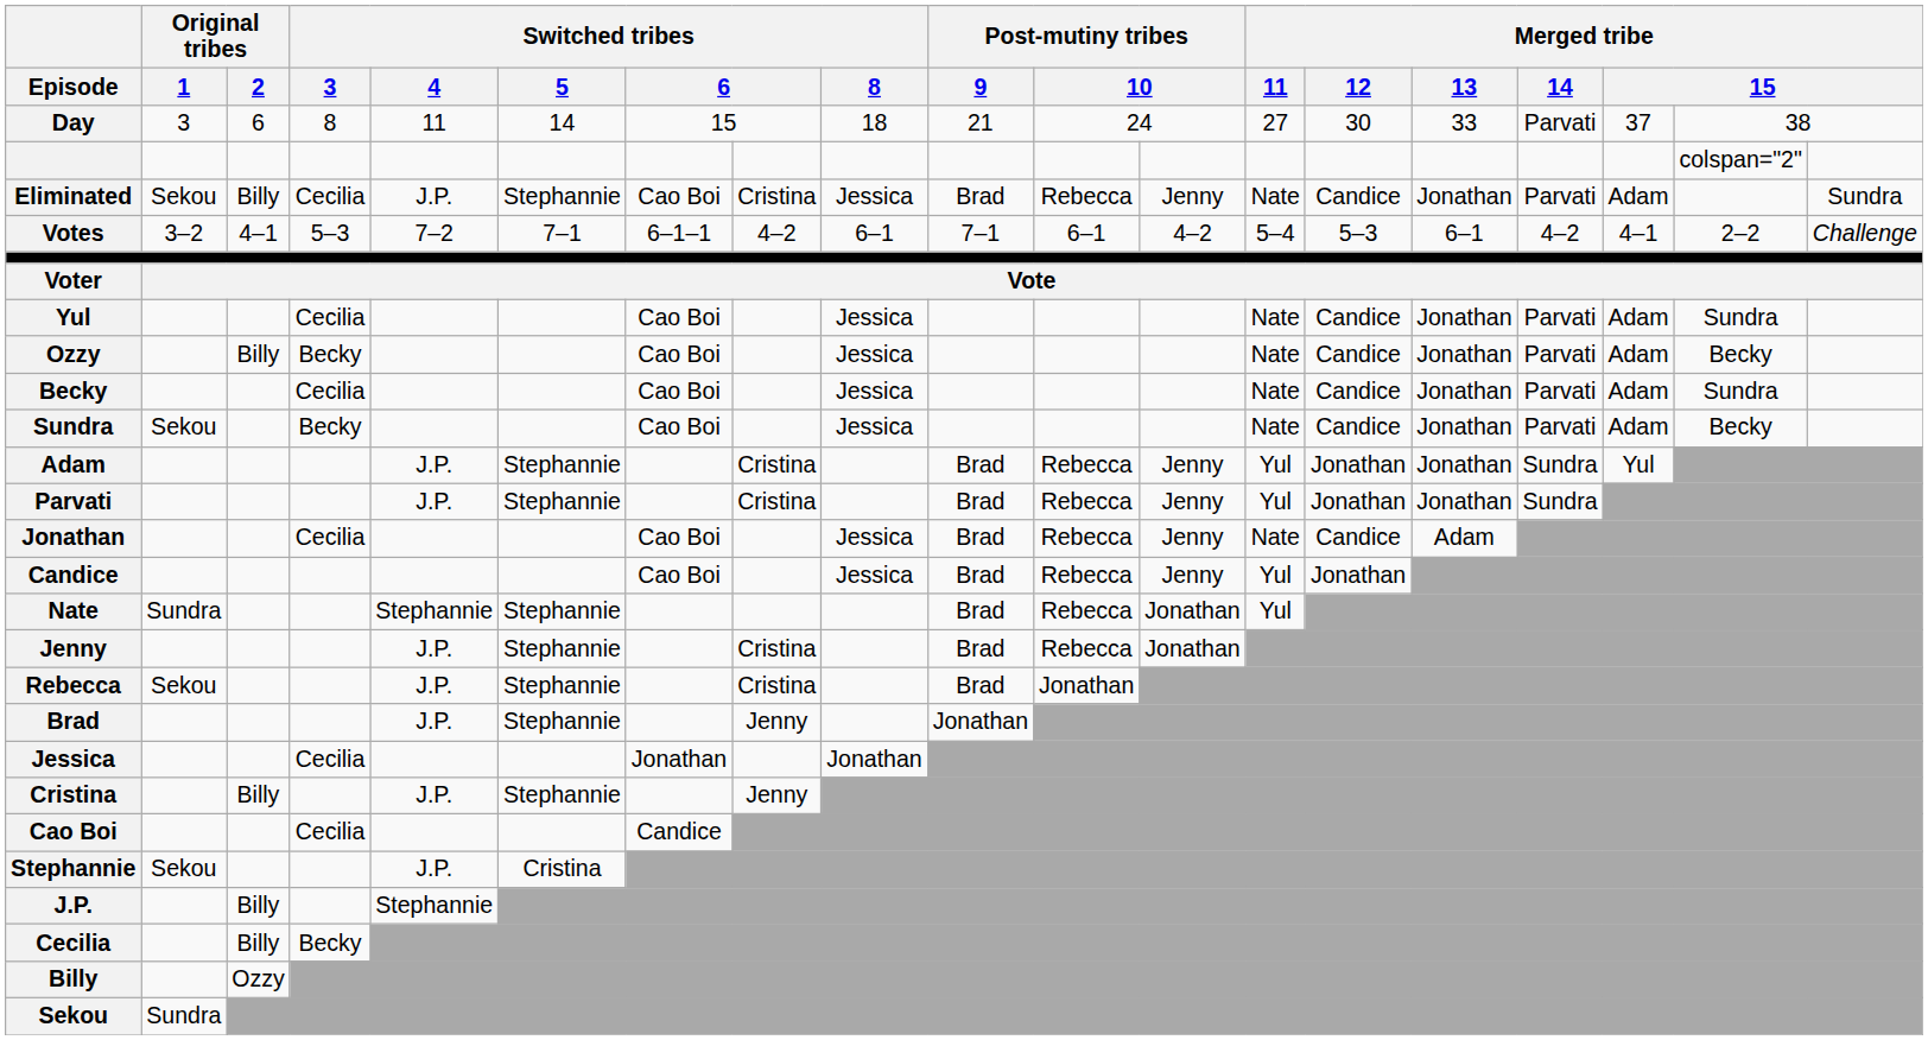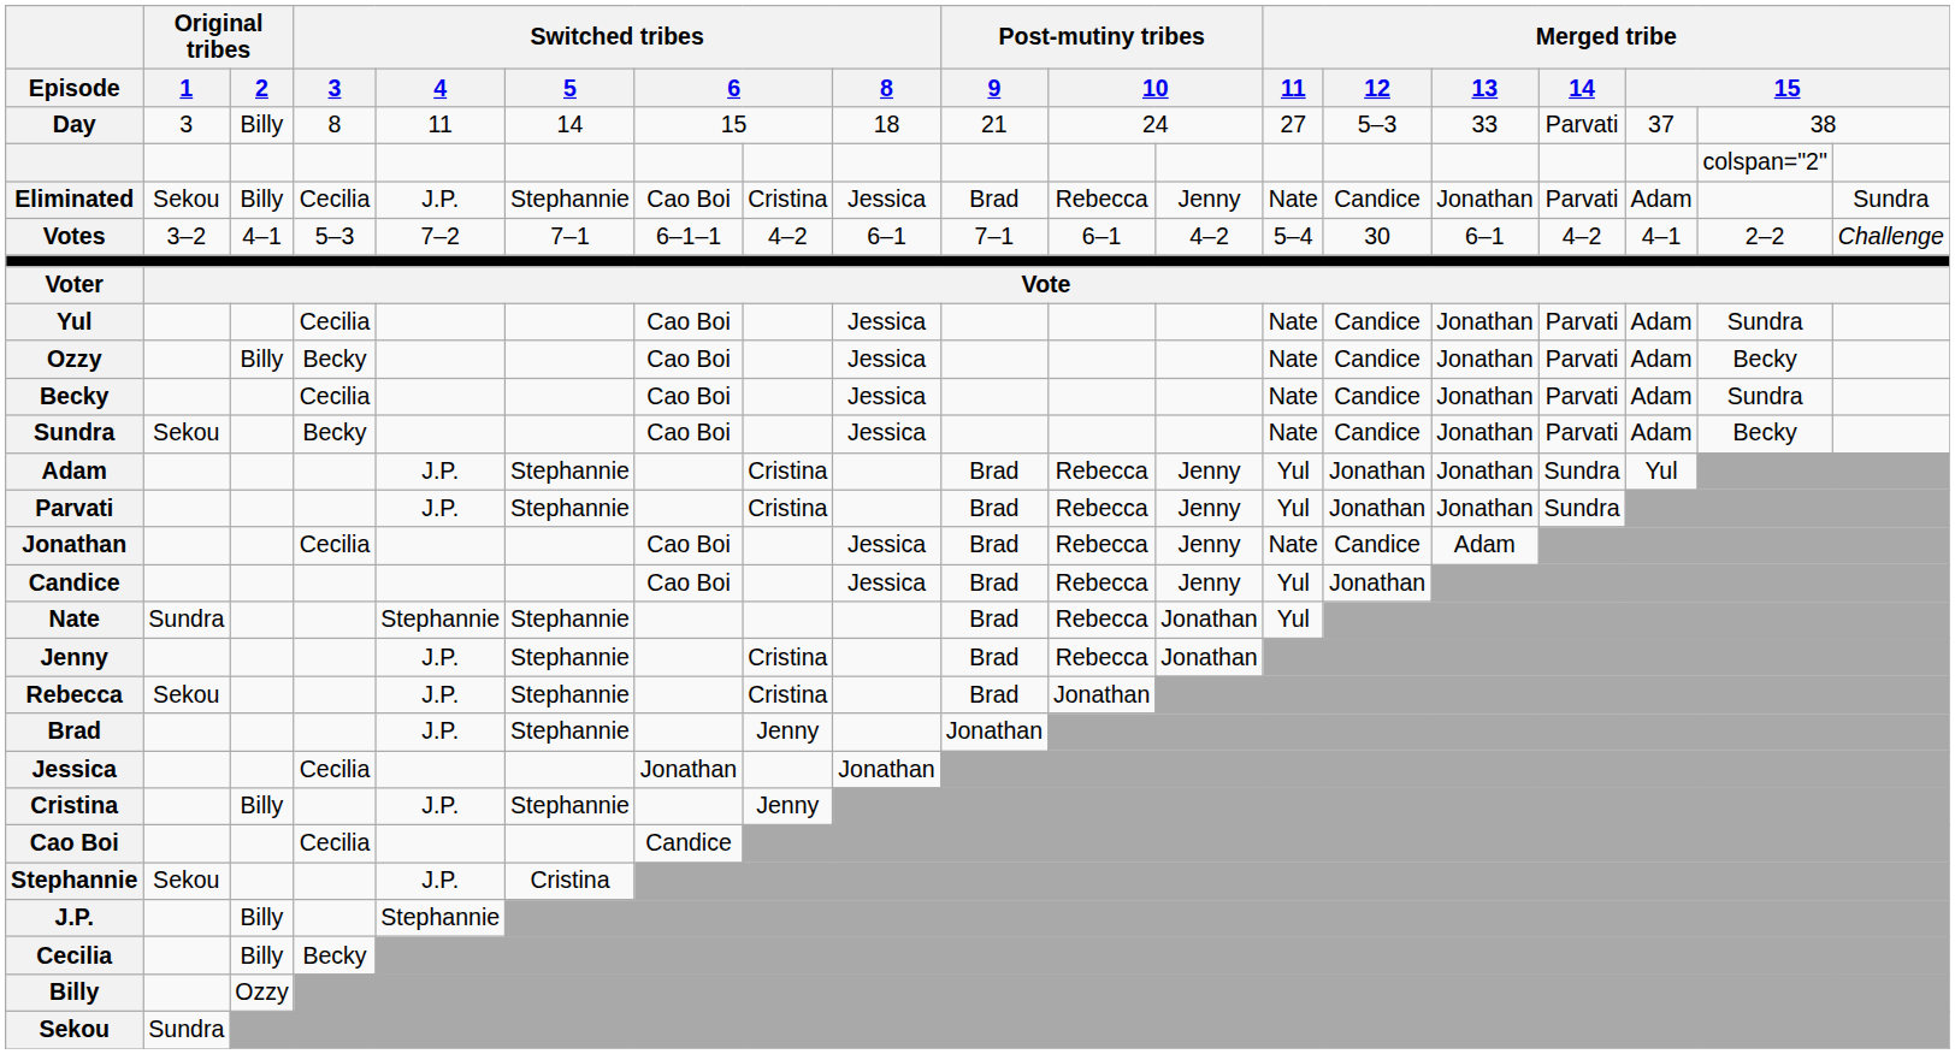 <table class="wikitable nowrap" style="text-align:center; width:100%">
 <tr>
 <th colspan=4></th>
 <th colspan=2>Original tribes</th>
 <th colspan=6>Switched tribes</th>
 <th colspan=3>Post-mutiny tribes</th>
 <th colspan=7>Merged tribe</th>
 </tr>
 <tr>
 <th colspan=4>Episode</th>
 <th><a href='#'>1</a></th>
 <th><a href='#'>2</a></th>
 <th><a href='#'>3</a></th>
 <th><a href='#'>4</a></th>
 <th><a href='#'>5</a></th>
 <th colspan=2><a href='#'>6</a></th>
 <th><a href='#'>8</a></th>
 <th><a href='#'>9</a></th>
 <th colspan=2><a href='#'>10</a></th>
 <th><a href='#'>11</a></th>
 <th><a href='#'>12</a></th>
 <th><a href='#'>13</a></th>
 <th><a href='#'>14</a></th>
 <th colspan=3><a href='#'>15</a></th>
 </tr>
 <tr>
 <th colspan=4>Day</th>
 <td>3</td>
-<td>6</td>
+<td>Billy</td>
 <td>8</td>
 <td>11</td>
 <td>14</td>
 <td colspan="2">15</td>
 <td>18</td>
 <td>21</td>
 <td colspan="2">24</td>
 <td>27</td>
-<td>30</td>
+<td>5–3</td>
 <td>33</td>
 <td>Parvati</td>
 <td>37</td>
 <td colspan="2">38</td>
 </tr>
 <tr>
 <th colspan=4></th>
 <td></td>
 <td></td>
 <td></td>
 <td></td>
 <td></td>
 <td></td>
 <td></td>
 <td></td>
 <td></td>
 <td></td>
 <td></td>
 <td></td>
 <td></td>
 <td></td>
 <td></td>
 <td></td>
 <td>colspan="2" </td>
 </tr>
 <tr>
 <th colspan=4>Eliminated</th>
 <td>Sekou</td>
 <td>Billy</td>
 <td>Cecilia</td>
 <td>J.P.</td>
 <td>Stephannie</td>
 <td>Cao Boi</td>
 <td>Cristina</td>
 <td>Jessica</td>
 <td>Brad</td>
 <td>Rebecca</td>
 <td>Jenny</td>
 <td>Nate</td>
 <td>Candice</td>
 <td>Jonathan</td>
 <td>Parvati</td>
 <td>Adam</td>
 <td></td>
 <td>Sundra</td>
 </tr>
 <tr>
 <th colspan=4>Votes</th>
 <td>3–2</td>
 <td>4–1</td>
 <td>5–3</td>
 <td>7–2</td>
 <td>7–1</td>
 <td>6–1–1</td>
 <td>4–2</td>
 <td>6–1</td>
 <td>7–1</td>
 <td>6–1</td>
 <td>4–2</td>
 <td>5–4</td>
-<td>5–3</td>
+<td>30</td>
 <td>6–1</td>
 <td>4–2</td>
 <td>4–1</td>
 <td>2–2</td>
 <td><em>Challenge</em></td>
 </tr>
 <tr>
 <td colspan=25 bgcolor=black></td>
 </tr>
 <tr>
 <th colspan=4 align="left">Voter</th>
 <th colspan=18>Vote</th>
 </tr>
 <tr>
 <th colspan=4>Yul</th>
 <td></td>
 <td></td>
 <td>Cecilia</td>
 <td></td>
 <td></td>
 <td>Cao Boi</td>
 <td></td>
 <td>Jessica</td>
 <td></td>
 <td></td>
 <td></td>
 <td>Nate</td>
 <td>Candice</td>
 <td>Jonathan</td>
 <td>Parvati</td>
 <td>Adam</td>
 <td>Sundra</td>
 <td></td>
 </tr>
 <tr>
 <th colspan=4>Ozzy</th>
 <td></td>
 <td>Billy</td>
 <td>Becky</td>
 <td></td>
 <td></td>
 <td>Cao Boi</td>
 <td></td>
 <td>Jessica</td>
 <td></td>
 <td></td>
 <td></td>
 <td>Nate</td>
 <td>Candice</td>
 <td>Jonathan</td>
 <td>Parvati</td>
 <td>Adam</td>
 <td>Becky</td>
 <td></td>
 </tr>
 <tr>
 <th colspan=4>Becky</th>
 <td></td>
 <td></td>
 <td>Cecilia</td>
 <td></td>
 <td></td>
 <td>Cao Boi</td>
 <td></td>
 <td>Jessica</td>
 <td></td>
 <td></td>
 <td></td>
 <td>Nate</td>
 <td>Candice</td>
 <td>Jonathan</td>
 <td>Parvati</td>
 <td>Adam</td>
 <td>Sundra</td>
 <td></td>
 </tr>
 <tr>
 <th colspan=4>Sundra</th>
 <td>Sekou</td>
 <td></td>
 <td>Becky</td>
 <td></td>
 <td></td>
 <td>Cao Boi</td>
 <td></td>
 <td>Jessica</td>
 <td></td>
 <td></td>
 <td></td>
 <td>Nate</td>
 <td>Candice</td>
 <td>Jonathan</td>
 <td>Parvati</td>
 <td>Adam</td>
 <td>Becky</td>
 <td></td>
 </tr>
 <tr>
 <th colspan=4>Adam</th>
 <td></td>
 <td></td>
 <td></td>
 <td>J.P.</td>
 <td>Stephannie</td>
 <td></td>
 <td>Cristina</td>
 <td></td>
 <td>Brad</td>
 <td>Rebecca</td>
 <td>Jenny</td>
 <td>Yul</td>
 <td>Jonathan</td>
 <td>Jonathan</td>
 <td>Sundra</td>
 <td>Yul</td>
 <td colspan="2" style="background:darkgrey;"></td>
 </tr>
 <tr>
 <th colspan=4>Parvati</th>
 <td></td>
 <td></td>
 <td></td>
 <td>J.P.</td>
 <td>Stephannie</td>
 <td></td>
 <td>Cristina</td>
 <td></td>
 <td>Brad</td>
 <td>Rebecca</td>
 <td>Jenny</td>
 <td>Yul</td>
 <td>Jonathan</td>
 <td>Jonathan</td>
 <td>Sundra</td>
 <td colspan="3" style="background:darkgrey;"></td>
 </tr>
 <tr>
 <th colspan=4>Jonathan</th>
 <td></td>
 <td></td>
 <td>Cecilia</td>
 <td></td>
 <td></td>
 <td>Cao Boi</td>
 <td></td>
 <td>Jessica</td>
 <td>Brad</td>
 <td>Rebecca</td>
 <td>Jenny</td>
 <td>Nate</td>
 <td>Candice</td>
 <td>Adam</td>
 <td colspan="4" style="background:darkgrey;"></td>
 </tr>
 <tr>
 <th colspan=4>Candice</th>
 <td></td>
 <td></td>
 <td></td>
 <td></td>
 <td></td>
 <td>Cao Boi</td>
 <td></td>
 <td>Jessica</td>
 <td>Brad</td>
 <td>Rebecca</td>
 <td>Jenny</td>
 <td>Yul</td>
 <td>Jonathan</td>
 <td colspan="5" style="background:darkgrey;"></td>
 </tr>
 <tr>
 <th colspan=4>Nate</th>
 <td>Sundra</td>
 <td></td>
 <td></td>
 <td>Stephannie</td>
 <td>Stephannie</td>
 <td></td>
 <td></td>
 <td></td>
 <td>Brad</td>
 <td>Rebecca</td>
 <td>Jonathan</td>
 <td>Yul</td>
 <td colspan="6" style="background:darkgrey;"></td>
 </tr>
 <tr>
 <th colspan=4>Jenny</th>
 <td></td>
 <td></td>
 <td></td>
 <td>J.P.</td>
 <td>Stephannie</td>
 <td></td>
 <td>Cristina</td>
 <td></td>
 <td>Brad</td>
 <td>Rebecca</td>
 <td>Jonathan</td>
 <td colspan="7" style="background:darkgrey;"></td>
 </tr>
 <tr>
 <th colspan=4>Rebecca</th>
 <td>Sekou</td>
 <td></td>
 <td></td>
 <td>J.P.</td>
 <td>Stephannie</td>
 <td></td>
 <td>Cristina</td>
 <td></td>
 <td>Brad</td>
 <td>Jonathan</td>
 <td colspan="8" style="background:darkgrey;"></td>
 </tr>
 <tr>
 <th colspan=4>Brad</th>
 <td></td>
 <td></td>
 <td></td>
 <td>J.P.</td>
 <td>Stephannie</td>
 <td></td>
 <td>Jenny</td>
 <td></td>
 <td>Jonathan</td>
 <td colspan="9" style="background:darkgrey;"></td>
 </tr>
 <tr>
 <th colspan=4>Jessica</th>
 <td></td>
 <td></td>
 <td>Cecilia</td>
 <td></td>
 <td></td>
 <td>Jonathan</td>
 <td></td>
 <td>Jonathan</td>
 <td colspan="10" style="background:darkgrey;"></td>
 </tr>
 <tr>
 <th colspan=4>Cristina</th>
 <td></td>
 <td>Billy</td>
 <td></td>
 <td>J.P.</td>
 <td>Stephannie</td>
 <td></td>
 <td>Jenny</td>
 <td colspan="11" style="background:darkgrey;"></td>
 </tr>
 <tr>
 <th colspan=4>Cao Boi</th>
 <td></td>
 <td></td>
 <td>Cecilia</td>
 <td></td>
 <td></td>
 <td>Candice</td>
 <td colspan="12" style="background:darkgrey;"></td>
 </tr>
 <tr>
 <th colspan=4>Stephannie</th>
 <td>Sekou</td>
 <td></td>
 <td></td>
 <td>J.P.</td>
 <td>Cristina</td>
 <td colspan="13" style="background:darkgrey;"></td>
 </tr>
 <tr>
 <th colspan=4>J.P.</th>
 <td></td>
 <td>Billy</td>
 <td></td>
 <td>Stephannie</td>
 <td colspan="14" style="background:darkgrey;"></td>
 </tr>
 <tr>
 <th colspan=4>Cecilia</th>
 <td></td>
 <td>Billy</td>
 <td>Becky</td>
 <td colspan="15" style="background:darkgrey;"></td>
 </tr>
 <tr>
 <th colspan=4>Billy</th>
 <td></td>
 <td>Ozzy</td>
 <td colspan="16" style="background:darkgrey;"></td>
 </tr>
 <tr>
 <th colspan=4>Sekou</th>
 <td>Sundra</td>
 <td colspan="17" style="background:darkgrey;"></td>
 </tr>
 </table>
